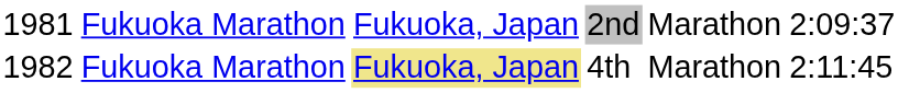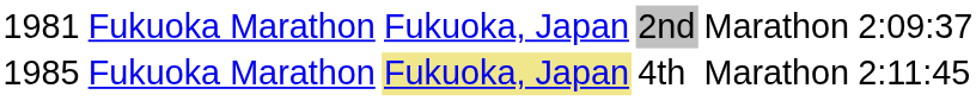 <table>
 <tr>
 <td>1981</td>
 <td><a href='#'>Fukuoka Marathon</a></td>
 <td><a href='#'>Fukuoka, Japan</a></td>
 <td bgcolor="silver">2nd</td>
 <td>Marathon</td>
 <td>2:09:37</td>
 </tr>
 <tr>
-<td>1982</td>
+<td>1985</td>
 <td><a href='#'>Fukuoka Marathon</a></td>
 <td style="background: khaki;"><a href='#'>Fukuoka, Japan</a></td>
 <td>4th</td>
 <td>Marathon</td>
 <td>2:11:45</td>
 </tr>
 </table>
